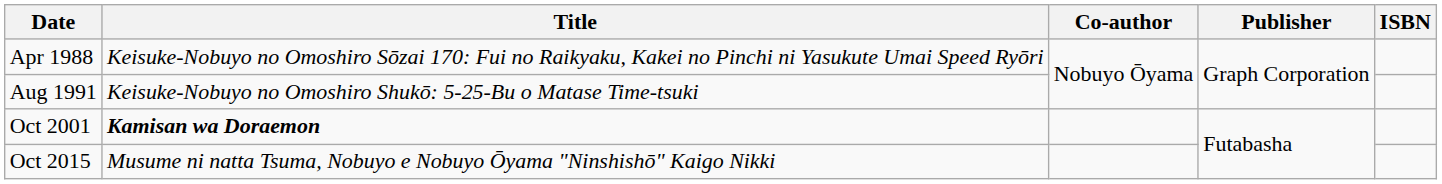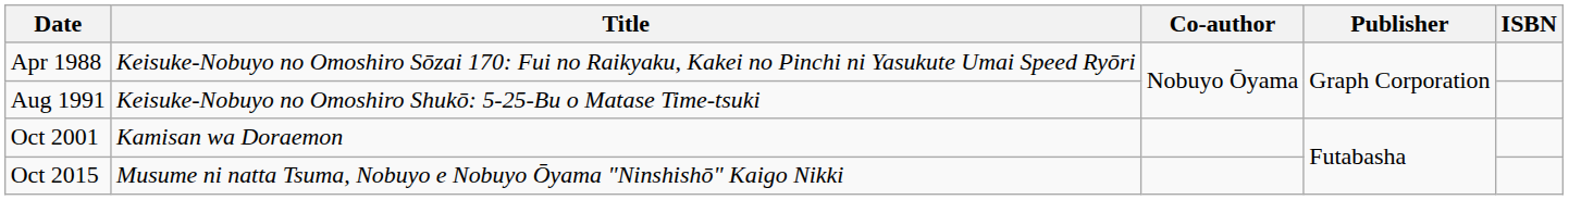 <table class="wikitable">
 <tr>
 <th>Date</th>
 <th>Title</th>
 <th>Co-author</th>
 <th>Publisher</th>
 <th>ISBN</th>
 </tr>
 <tr>
 <td>Apr 1988</td>
 <td><em>Keisuke-Nobuyo no Omoshiro Sōzai 170: Fui no Raikyaku, Kakei no Pinchi ni Yasukute Umai Speed Ryōri</em></td>
 <td rowspan="2">Nobuyo Ōyama</td>
 <td rowspan="2">Graph Corporation</td>
 <td></td>
 </tr>
 <tr>
 <td>Aug 1991</td>
 <td><em>Keisuke-Nobuyo no Omoshiro Shukō: 5-25-Bu o Matase Time-tsuki</em></td>
 <td></td>
 </tr>
 <tr>
 <td>Oct 2001</td>
-<td><strong><em>Kamisan wa Doraemon</em></strong></td>
+<td><em>Kamisan wa Doraemon</em></td>
 <td></td>
 <td rowspan="2">Futabasha</td>
 <td></td>
 </tr>
 <tr>
 <td>Oct 2015</td>
 <td><em>Musume ni natta Tsuma, Nobuyo e Nobuyo Ōyama "Ninshishō" Kaigo Nikki</em></td>
 <td></td>
 <td></td>
 </tr>
 </table>
